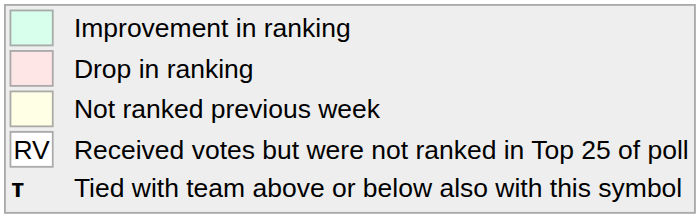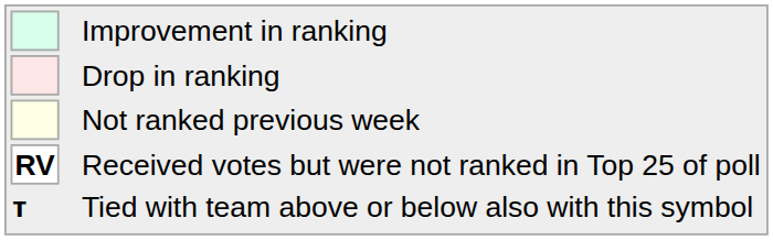 <table style="text-align:left; font-size:90%; border:1px solid #aaaaaa; white-space:nowrap; background:#eeeeee;">
 <tr>
 <td style="background:#d8ffeb; width:20px; border:1px solid #aaaaaa;"> </td>
 <td rowspan=5> </td>
 <td>Improvement in ranking</td>
 </tr>
 <tr>
 <td style="background:#ffe6e6; width:20px; border:1px solid #aaaaaa;"> </td>
 <td>Drop in ranking</td>
 </tr>
 <tr>
 <td style="background:#ffffe6; width:20px; border:1px solid #aaaaaa;"> </td>
 <td>Not ranked previous week</td>
 </tr>
 <tr>
-<td style="text-align:center; width:20px; border:1px solid #aaaaaa; background:white;">RV</td>
+<td style="text-align:center; width:20px; border:1px solid #aaaaaa; background:white;"><strong>RV</strong></td>
 <td>Received votes but were not ranked in Top 25 of poll</td>
 </tr>
 <tr>
 <td><strong>т</strong></td>
 <td>Tied with team above or below also with this symbol</td>
 </tr>
 <tr>
 </tr>
 </table>
